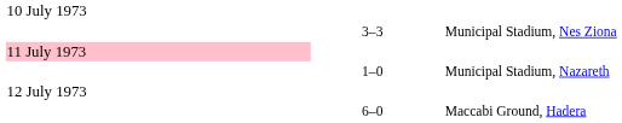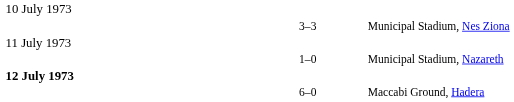 <table style="width:100%;" cellspacing="1">
 <tr>
 <th width=25%></th>
 <th width=10%></th>
 <th></th>
 </tr>
 <tr>
 <td>10 July 1973</td>
 </tr>
 <tr>
 </tr>
 <tr style=font-size:90%>
 <td align=right></td>
 <td align=center>3–3</td>
 <td></td>
 <td>Municipal Stadium, <a href='#'>Nes Ziona</a></td>
 </tr>
 <tr>
-<td style="background: pink;">11 July 1973</td>
+<td>11 July 1973</td>
 </tr>
 <tr style=font-size:90%>
 <td align=right></td>
 <td align=center>1–0</td>
 <td></td>
 <td>Municipal Stadium, <a href='#'>Nazareth</a></td>
 </tr>
 <tr>
-<td>12 July 1973</td>
+<td><strong>12 July 1973</strong></td>
 </tr>
 <tr style=font-size:90%>
 <td align=right></td>
 <td align=center>6–0</td>
 <td></td>
 <td>Maccabi Ground, <a href='#'>Hadera</a></td>
 </tr>
 </table>
